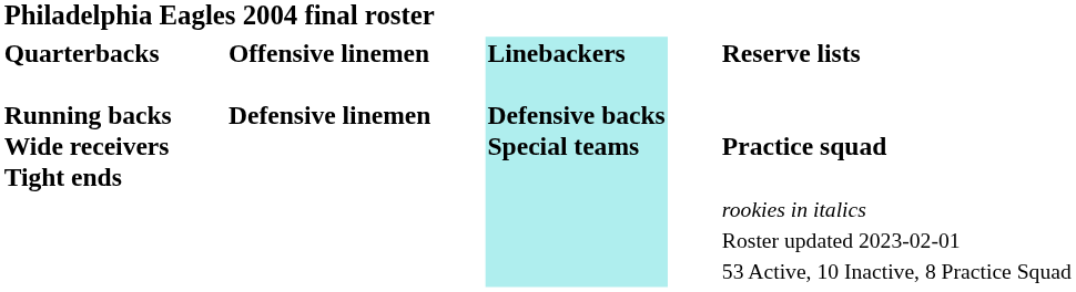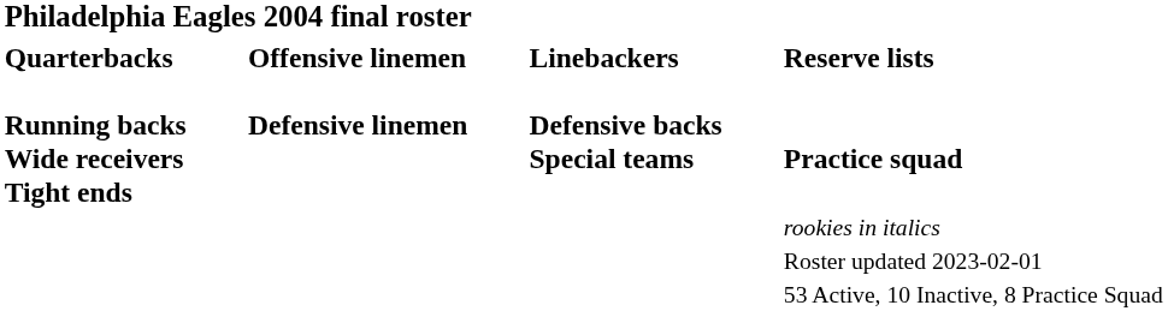 <table class="toccolours" style="text-align: left;">
 <tr>
 <th colspan="9">Philadelphia Eagles 2004 final roster</th>
 </tr>
 <tr>
 <td style="font-size: 95%;" valign="top"><strong>Quarterbacks</strong><br>  <br><strong>Running backs</strong>     <br><strong>Wide receivers</strong>     <br><strong>Tight ends</strong>  </td>
 <td style="width: 25px;"></td>
 <td style="font-size: 95%;" valign="top"><strong>Offensive linemen</strong><br>        <br><strong>Defensive linemen</strong>          </td>
 <td style="width: 25px;"></td>
-<td style="background: paleturquoise; font-size: 95%;" valign="top"><strong>Linebackers</strong><br>      <br><strong>Defensive backs</strong>         <br><strong>Special teams</strong>   </td>
+<td style="font-size: 95%;" valign="top"><strong>Linebackers</strong><br>      <br><strong>Defensive backs</strong>         <br><strong>Special teams</strong>   </td>
 <td style="width: 25px;"></td>
 <td style="font-size: 95%;" valign="top"><strong>Reserve lists</strong><br>         <br><br> <strong>Practice squad</strong>        <br><br> <small><em>rookies in italics</em></small><br> <small>Roster updated 2023-02-01</small><br> <small>53 Active, 10 Inactive, 8 Practice Squad</small></td>
 </tr>
 </table>
